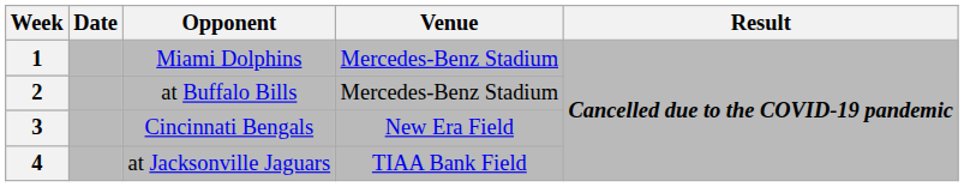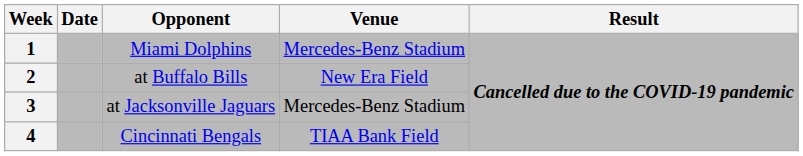 <table class="wikitable" style="text-align:center">
 <tr>
 <th>Week</th>
 <th>Date</th>
 <th>Opponent</th>
 <th>Venue</th>
 <th>Result</th>
 </tr>
 <tr style="background:#bababa">
 <th>1</th>
 <td></td>
 <td><a href='#'>Miami Dolphins</a></td>
 <td><a href='#'>Mercedes-Benz Stadium</a></td>
 <td rowspan=4><strong><em>Cancelled due to the COVID-19 pandemic</em></strong></td>
 </tr>
 <tr style="background:#bababa">
 <th>2</th>
 <td></td>
 <td>at <a href='#'>Buffalo Bills</a></td>
-<td>Mercedes-Benz Stadium</td>
+<td><a href='#'>New Era Field</a></td>
 </tr>
 <tr style="background:#bababa">
 <th>3</th>
 <td></td>
-<td><a href='#'>Cincinnati Bengals</a></td>
-<td><a href='#'>New Era Field</a></td>
+<td>at <a href='#'>Jacksonville Jaguars</a></td>
+<td>Mercedes-Benz Stadium</td>
 </tr>
 <tr style="background:#bababa">
 <th>4</th>
 <td></td>
-<td>at <a href='#'>Jacksonville Jaguars</a></td>
+<td><a href='#'>Cincinnati Bengals</a></td>
 <td><a href='#'>TIAA Bank Field</a></td>
 </tr>
 </table>
